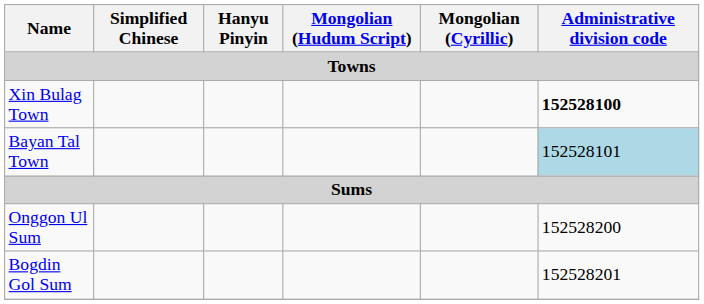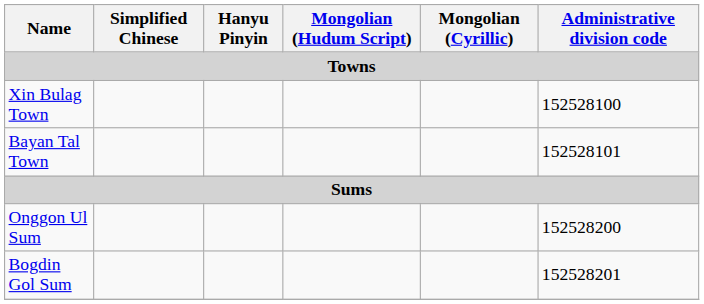 <table class="wikitable" align="center" style="width:50%; border="1">
 <tr>
 <th>Name</th>
 <th>Simplified Chinese</th>
 <th>Hanyu Pinyin</th>
 <th><a href='#'>Mongolian</a> (<a href='#'>Hudum Script</a>)</th>
 <th>Mongolian (<a href='#'>Cyrillic</a>)</th>
 <th><a href='#'>Administrative division code</a></th>
 </tr>
 <tr>
 <td colspan="6"  style="text-align:center; background:#d3d3d3;"><strong>Towns</strong></td>
 </tr>
 <tr --------->
 <td><a href='#'>Xin Bulag Town</a></td>
 <td></td>
 <td></td>
 <td></td>
 <td></td>
-<td><strong>152528100</strong></td>
+<td>152528100</td>
 </tr>
 <tr>
 <td><a href='#'>Bayan Tal Town</a></td>
 <td></td>
 <td></td>
 <td></td>
 <td></td>
-<td style="background: lightblue;">152528101</td>
+<td>152528101</td>
 </tr>
 <tr>
 <td colspan="6"  style="text-align:center; background:#d3d3d3;"><strong>Sums</strong></td>
 </tr>
 <tr --------->
 <td><a href='#'>Onggon Ul Sum</a></td>
 <td></td>
 <td></td>
 <td></td>
 <td></td>
 <td>152528200</td>
 </tr>
 <tr>
 <td><a href='#'>Bogdin Gol Sum</a></td>
 <td></td>
 <td></td>
 <td></td>
 <td></td>
 <td>152528201</td>
 </tr>
 <tr>
 </tr>
 </table>
